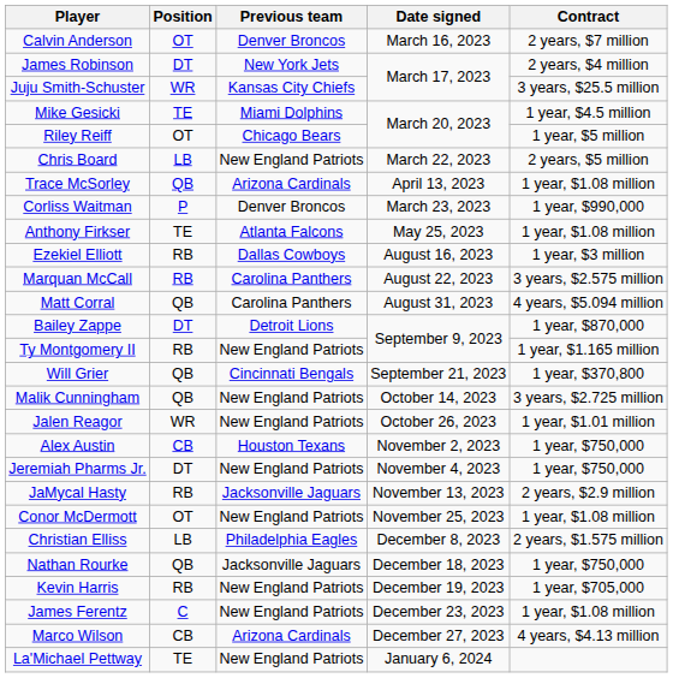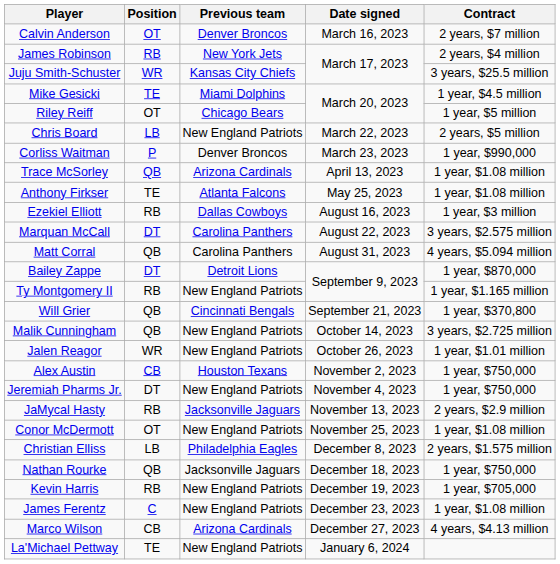 <table class="wikitable" style="text-align:center">
 <tr>
 <th>Player</th>
 <th>Position</th>
 <th>Previous team</th>
 <th>Date signed</th>
 <th>Contract</th>
 </tr>
 <tr>
 <td><a href='#'>Calvin Anderson</a></td>
 <td><a href='#'>OT</a></td>
 <td><a href='#'>Denver Broncos</a></td>
 <td>March 16, 2023</td>
 <td>2 years, $7 million</td>
 </tr>
 <tr>
 <td><a href='#'>James Robinson</a></td>
-<td><a href='#'>DT</a></td>
+<td><a href='#'>RB</a></td>
 <td><a href='#'>New York Jets</a></td>
 <td rowspan="2">March 17, 2023</td>
 <td>2 years, $4 million</td>
 </tr>
 <tr>
 <td><a href='#'>Juju Smith-Schuster</a></td>
 <td><a href='#'>WR</a></td>
 <td><a href='#'>Kansas City Chiefs</a></td>
 <td>3 years, $25.5 million</td>
 </tr>
 <tr>
 <td><a href='#'>Mike Gesicki</a></td>
 <td><a href='#'>TE</a></td>
 <td><a href='#'>Miami Dolphins</a></td>
 <td rowspan="2">March 20, 2023</td>
 <td>1 year, $4.5 million</td>
 </tr>
 <tr>
 <td><a href='#'>Riley Reiff</a></td>
 <td>OT</td>
 <td><a href='#'>Chicago Bears</a></td>
 <td>1 year, $5 million</td>
 </tr>
 <tr>
 <td><a href='#'>Chris Board</a></td>
 <td><a href='#'>LB</a></td>
 <td>New England Patriots</td>
 <td>March 22, 2023</td>
 <td>2 years, $5 million</td>
 </tr>
 <tr>
+<td><a href='#'>Corliss Waitman</a></td>
+<td><a href='#'>P</a></td>
+<td>Denver Broncos</td>
+<td>March 23, 2023</td>
+<td>1 year, $990,000</td>
+</tr>
+<tr>
 <td><a href='#'>Trace McSorley</a></td>
 <td><a href='#'>QB</a></td>
 <td><a href='#'>Arizona Cardinals</a></td>
 <td>April 13, 2023</td>
 <td>1 year, $1.08 million</td>
-</tr>
-<tr>
-<td><a href='#'>Corliss Waitman</a></td>
-<td><a href='#'>P</a></td>
-<td>Denver Broncos</td>
-<td>March 23, 2023</td>
-<td>1 year, $990,000</td>
 </tr>
 <tr>
 <td><a href='#'>Anthony Firkser</a></td>
 <td>TE</td>
 <td><a href='#'>Atlanta Falcons</a></td>
 <td>May 25, 2023</td>
 <td>1 year, $1.08 million</td>
 </tr>
 <tr>
 <td><a href='#'>Ezekiel Elliott</a></td>
 <td>RB</td>
 <td><a href='#'>Dallas Cowboys</a></td>
 <td>August 16, 2023</td>
 <td>1 year, $3 million</td>
 </tr>
 <tr>
 <td><a href='#'>Marquan McCall</a></td>
-<td><a href='#'>RB</a></td>
+<td><a href='#'>DT</a></td>
 <td><a href='#'>Carolina Panthers</a></td>
 <td>August 22, 2023</td>
 <td>3 years, $2.575 million</td>
 </tr>
 <tr>
 <td><a href='#'>Matt Corral</a></td>
 <td>QB</td>
 <td>Carolina Panthers</td>
 <td>August 31, 2023</td>
 <td>4 years, $5.094 million</td>
 </tr>
 <tr>
 <td><a href='#'>Bailey Zappe</a></td>
 <td><a href='#'>DT</a></td>
 <td><a href='#'>Detroit Lions</a></td>
 <td rowspan="2">September 9, 2023</td>
 <td>1 year, $870,000</td>
 </tr>
 <tr>
 <td><a href='#'>Ty Montgomery II</a></td>
 <td>RB</td>
 <td>New England Patriots</td>
 <td>1 year, $1.165 million</td>
 </tr>
 <tr>
 <td><a href='#'>Will Grier</a></td>
 <td>QB</td>
 <td><a href='#'>Cincinnati Bengals</a></td>
 <td>September 21, 2023</td>
 <td>1 year, $370,800</td>
 </tr>
 <tr>
 <td><a href='#'>Malik Cunningham</a></td>
 <td>QB</td>
 <td>New England Patriots</td>
 <td>October 14, 2023</td>
 <td>3 years, $2.725 million</td>
 </tr>
 <tr>
 <td><a href='#'>Jalen Reagor</a></td>
 <td>WR</td>
 <td>New England Patriots</td>
 <td>October 26, 2023</td>
 <td>1 year, $1.01 million</td>
 </tr>
 <tr>
 <td><a href='#'>Alex Austin</a></td>
 <td><a href='#'>CB</a></td>
 <td><a href='#'>Houston Texans</a></td>
 <td>November 2, 2023</td>
 <td>1 year, $750,000</td>
 </tr>
 <tr>
 <td><a href='#'>Jeremiah Pharms Jr.</a></td>
 <td>DT</td>
 <td>New England Patriots</td>
 <td>November 4, 2023</td>
 <td>1 year, $750,000</td>
 </tr>
 <tr>
 <td><a href='#'>JaMycal Hasty</a></td>
 <td>RB</td>
 <td><a href='#'>Jacksonville Jaguars</a></td>
 <td>November 13, 2023</td>
 <td>2 years, $2.9 million</td>
 </tr>
 <tr>
 <td><a href='#'>Conor McDermott</a></td>
 <td>OT</td>
 <td>New England Patriots</td>
 <td>November 25, 2023</td>
 <td>1 year, $1.08 million</td>
 </tr>
 <tr>
 <td><a href='#'>Christian Elliss</a></td>
 <td>LB</td>
 <td><a href='#'>Philadelphia Eagles</a></td>
 <td>December 8, 2023</td>
 <td>2 years, $1.575 million</td>
 </tr>
 <tr>
 <td><a href='#'>Nathan Rourke</a></td>
 <td>QB</td>
 <td>Jacksonville Jaguars</td>
 <td>December 18, 2023</td>
 <td>1 year, $750,000</td>
 </tr>
 <tr>
 <td><a href='#'>Kevin Harris</a></td>
 <td>RB</td>
 <td>New England Patriots</td>
 <td>December 19, 2023</td>
 <td>1 year, $705,000</td>
 </tr>
 <tr>
 <td><a href='#'>James Ferentz</a></td>
 <td><a href='#'>C</a></td>
 <td>New England Patriots</td>
 <td>December 23, 2023</td>
 <td>1 year, $1.08 million</td>
 </tr>
 <tr>
 <td><a href='#'>Marco Wilson</a></td>
 <td>CB</td>
 <td><a href='#'>Arizona Cardinals</a></td>
 <td>December 27, 2023</td>
 <td>4 years, $4.13 million</td>
 </tr>
 <tr>
 <td><a href='#'>La'Michael Pettway</a></td>
 <td>TE</td>
 <td>New England Patriots</td>
 <td>January 6, 2024</td>
 <td></td>
 </tr>
 </table>
